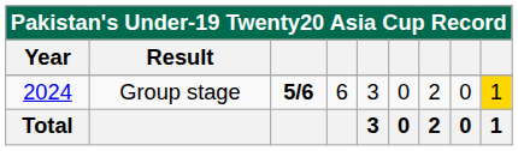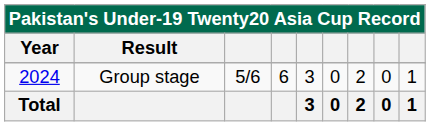 <table class="wikitable" style="text-align:center">
 <tr>
 <th style="color:white; background:#006A4E;" colspan=9>Pakistan's  Under-19 Twenty20 Asia Cup Record</th>
 </tr>
 <tr>
 <th>Year</th>
 <th>Result</th>
 <th></th>
 <th></th>
 <th></th>
 <th></th>
 <th></th>
 <th></th>
 <th></th>
 </tr>
 <tr bgcolor=pink>
 </tr>
 <tr>
 <td> <a href='#'>2024</a></td>
 <td>Group stage</td>
-<td><strong>5/6</strong></td>
+<td>5/6</td>
 <td>6</td>
 <td>3</td>
 <td>0</td>
 <td>2</td>
 <td>0</td>
-<td style="background: gold;">1</td>
+<td>1</td>
 </tr>
 <tr>
 <th>Total</th>
 <th></th>
 <th></th>
 <th></th>
 <th>3</th>
 <th>0</th>
 <th>2</th>
 <th>0</th>
 <th>1</th>
 </tr>
 </table>
